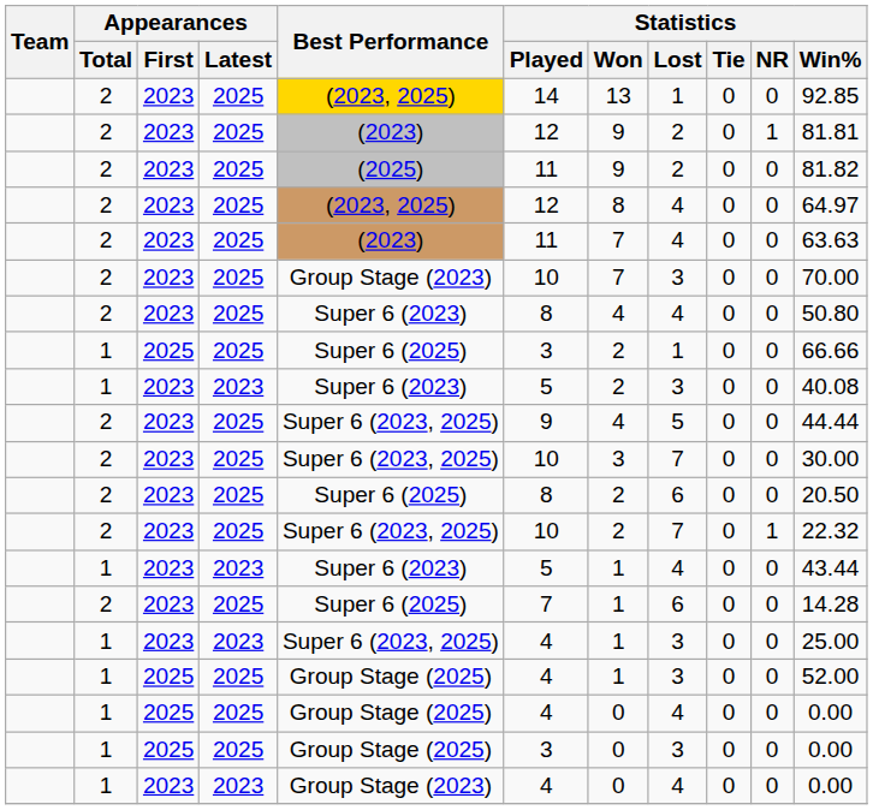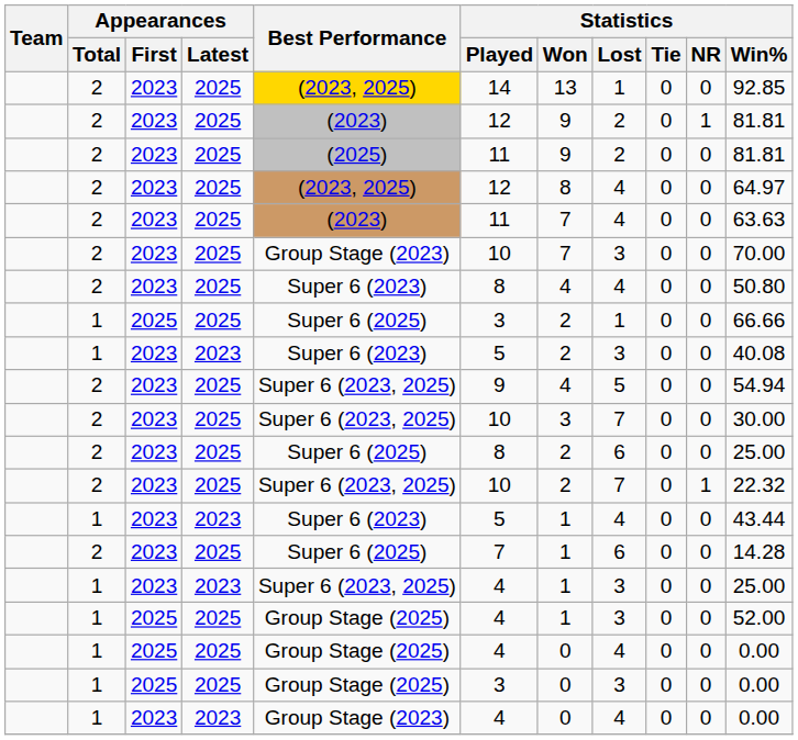 <table class="wikitable sortable" style="text-align: center;">
 <tr>
 <th rowspan="2">Team</th>
 <th colspan=3>Appearances</th>
 <th rowspan="2">Best Performance</th>
 <th colspan="6">Statistics</th>
 </tr>
 <tr>
 <th>Total</th>
 <th>First</th>
 <th>Latest</th>
 <th>Played</th>
 <th>Won</th>
 <th>Lost</th>
 <th>Tie</th>
 <th>NR</th>
 <th>Win%</th>
 </tr>
 <tr>
 <td style="text-align:left;"></td>
 <td>2</td>
 <td><a href='#'>2023</a></td>
 <td><a href='#'>2025</a></td>
 <td bgcolor=gold> (<a href='#'>2023</a>, <a href='#'>2025</a>)</td>
 <td>14</td>
 <td>13</td>
 <td>1</td>
 <td>0</td>
 <td>0</td>
 <td>92.85</td>
 </tr>
 <tr>
 <td style="text-align:left;"></td>
 <td>2</td>
 <td><a href='#'>2023</a></td>
 <td><a href='#'>2025</a></td>
 <td bgcolor=silver> (<a href='#'>2023</a>)</td>
 <td>12</td>
 <td>9</td>
 <td>2</td>
 <td>0</td>
 <td>1</td>
 <td>81.81</td>
 </tr>
 <tr>
 <td style="text-align:left;"></td>
 <td>2</td>
 <td><a href='#'>2023</a></td>
 <td><a href='#'>2025</a></td>
 <td bgcolor=silver> (<a href='#'>2025</a>)</td>
 <td>11</td>
 <td>9</td>
 <td>2</td>
 <td>0</td>
 <td>0</td>
-<td>81.82</td>
+<td>81.81</td>
 </tr>
 <tr>
 <td style="text-align:left;"></td>
 <td>2</td>
 <td><a href='#'>2023</a></td>
 <td><a href='#'>2025</a></td>
 <td style="background:#cc9966;"> (<a href='#'>2023</a>, <a href='#'>2025</a>)</td>
 <td>12</td>
 <td>8</td>
 <td>4</td>
 <td>0</td>
 <td>0</td>
 <td>64.97</td>
 </tr>
 <tr>
 <td style="text-align:left;"></td>
 <td>2</td>
 <td><a href='#'>2023</a></td>
 <td><a href='#'>2025</a></td>
 <td style="background:#cc9966;"> (<a href='#'>2023</a>)</td>
 <td>11</td>
 <td>7</td>
 <td>4</td>
 <td>0</td>
 <td>0</td>
 <td>63.63</td>
 </tr>
 <tr>
 <td style="text-align:left;"></td>
 <td>2</td>
 <td><a href='#'>2023</a></td>
 <td><a href='#'>2025</a></td>
 <td>Group Stage (<a href='#'>2023</a>)</td>
 <td>10</td>
 <td>7</td>
 <td>3</td>
 <td>0</td>
 <td>0</td>
 <td>70.00</td>
 </tr>
 <tr>
 <td style="text-align:left;"></td>
 <td>2</td>
 <td><a href='#'>2023</a></td>
 <td><a href='#'>2025</a></td>
 <td>Super 6 (<a href='#'>2023</a>)</td>
 <td>8</td>
 <td>4</td>
 <td>4</td>
 <td>0</td>
 <td>0</td>
 <td>50.80</td>
 </tr>
 <tr>
 <td style="text-align:left;"></td>
 <td>1</td>
 <td><a href='#'>2025</a></td>
 <td><a href='#'>2025</a></td>
 <td>Super 6 (<a href='#'>2025</a>)</td>
 <td>3</td>
 <td>2</td>
 <td>1</td>
 <td>0</td>
 <td>0</td>
 <td>66.66</td>
 </tr>
 <tr>
 <td style="text-align:left;"></td>
 <td>1</td>
 <td><a href='#'>2023</a></td>
 <td><a href='#'>2023</a></td>
 <td>Super 6 (<a href='#'>2023</a>)</td>
 <td>5</td>
 <td>2</td>
 <td>3</td>
 <td>0</td>
 <td>0</td>
 <td>40.08</td>
 </tr>
 <tr>
 <td style="text-align:left;"></td>
 <td>2</td>
 <td><a href='#'>2023</a></td>
 <td><a href='#'>2025</a></td>
 <td>Super 6 (<a href='#'>2023</a>, <a href='#'>2025</a>)</td>
 <td>9</td>
 <td>4</td>
 <td>5</td>
 <td>0</td>
 <td>0</td>
-<td>44.44</td>
+<td>54.94</td>
 </tr>
 <tr>
 <td style="text-align:left;"></td>
 <td>2</td>
 <td><a href='#'>2023</a></td>
 <td><a href='#'>2025</a></td>
 <td>Super 6 (<a href='#'>2023</a>, <a href='#'>2025</a>)</td>
 <td>10</td>
 <td>3</td>
 <td>7</td>
 <td>0</td>
 <td>0</td>
 <td>30.00</td>
 </tr>
 <tr>
 <td style="text-align:left;"></td>
 <td>2</td>
 <td><a href='#'>2023</a></td>
 <td><a href='#'>2025</a></td>
 <td>Super 6 (<a href='#'>2025</a>)</td>
 <td>8</td>
 <td>2</td>
 <td>6</td>
 <td>0</td>
 <td>0</td>
-<td>20.50</td>
+<td>25.00</td>
 </tr>
 <tr>
 <td style="text-align:left;"></td>
 <td>2</td>
 <td><a href='#'>2023</a></td>
 <td><a href='#'>2025</a></td>
 <td>Super 6 (<a href='#'>2023</a>, <a href='#'>2025</a>)</td>
 <td>10</td>
 <td>2</td>
 <td>7</td>
 <td>0</td>
 <td>1</td>
 <td>22.32</td>
 </tr>
 <tr>
 <td style="text-align:left;"></td>
 <td>1</td>
 <td><a href='#'>2023</a></td>
 <td><a href='#'>2023</a></td>
 <td>Super 6 (<a href='#'>2023</a>)</td>
 <td>5</td>
 <td>1</td>
 <td>4</td>
 <td>0</td>
 <td>0</td>
 <td>43.44</td>
 </tr>
 <tr>
 <td style="text-align:left;"></td>
 <td>2</td>
 <td><a href='#'>2023</a></td>
 <td><a href='#'>2025</a></td>
 <td>Super 6 (<a href='#'>2025</a>)</td>
 <td>7</td>
 <td>1</td>
 <td>6</td>
 <td>0</td>
 <td>0</td>
 <td>14.28</td>
 </tr>
 <tr>
 <td style="text-align:left;"></td>
 <td>1</td>
 <td><a href='#'>2023</a></td>
 <td><a href='#'>2023</a></td>
 <td>Super 6 (<a href='#'>2023</a>, <a href='#'>2025</a>)</td>
 <td>4</td>
 <td>1</td>
 <td>3</td>
 <td>0</td>
 <td>0</td>
 <td>25.00</td>
 </tr>
 <tr>
 <td style="text-align:left;"></td>
 <td>1</td>
 <td><a href='#'>2025</a></td>
 <td><a href='#'>2025</a></td>
 <td>Group Stage (<a href='#'>2025</a>)</td>
 <td>4</td>
 <td>1</td>
 <td>3</td>
 <td>0</td>
 <td>0</td>
 <td>52.00</td>
 </tr>
 <tr>
 <td style="text-align:left;"></td>
 <td>1</td>
 <td><a href='#'>2025</a></td>
 <td><a href='#'>2025</a></td>
 <td>Group Stage (<a href='#'>2025</a>)</td>
 <td>4</td>
 <td>0</td>
 <td>4</td>
 <td>0</td>
 <td>0</td>
 <td>0.00</td>
 </tr>
 <tr>
 <td style="text-align:left;"></td>
 <td>1</td>
 <td><a href='#'>2025</a></td>
 <td><a href='#'>2025</a></td>
 <td>Group Stage (<a href='#'>2025</a>)</td>
 <td>3</td>
 <td>0</td>
 <td>3</td>
 <td>0</td>
 <td>0</td>
 <td>0.00</td>
 </tr>
 <tr>
 <td style="text-align:left;"></td>
 <td>1</td>
 <td><a href='#'>2023</a></td>
 <td><a href='#'>2023</a></td>
 <td>Group Stage (<a href='#'>2023</a>)</td>
 <td>4</td>
 <td>0</td>
 <td>4</td>
 <td>0</td>
 <td>0</td>
 <td>0.00</td>
 </tr>
 <tr>
 </tr>
 </table>
